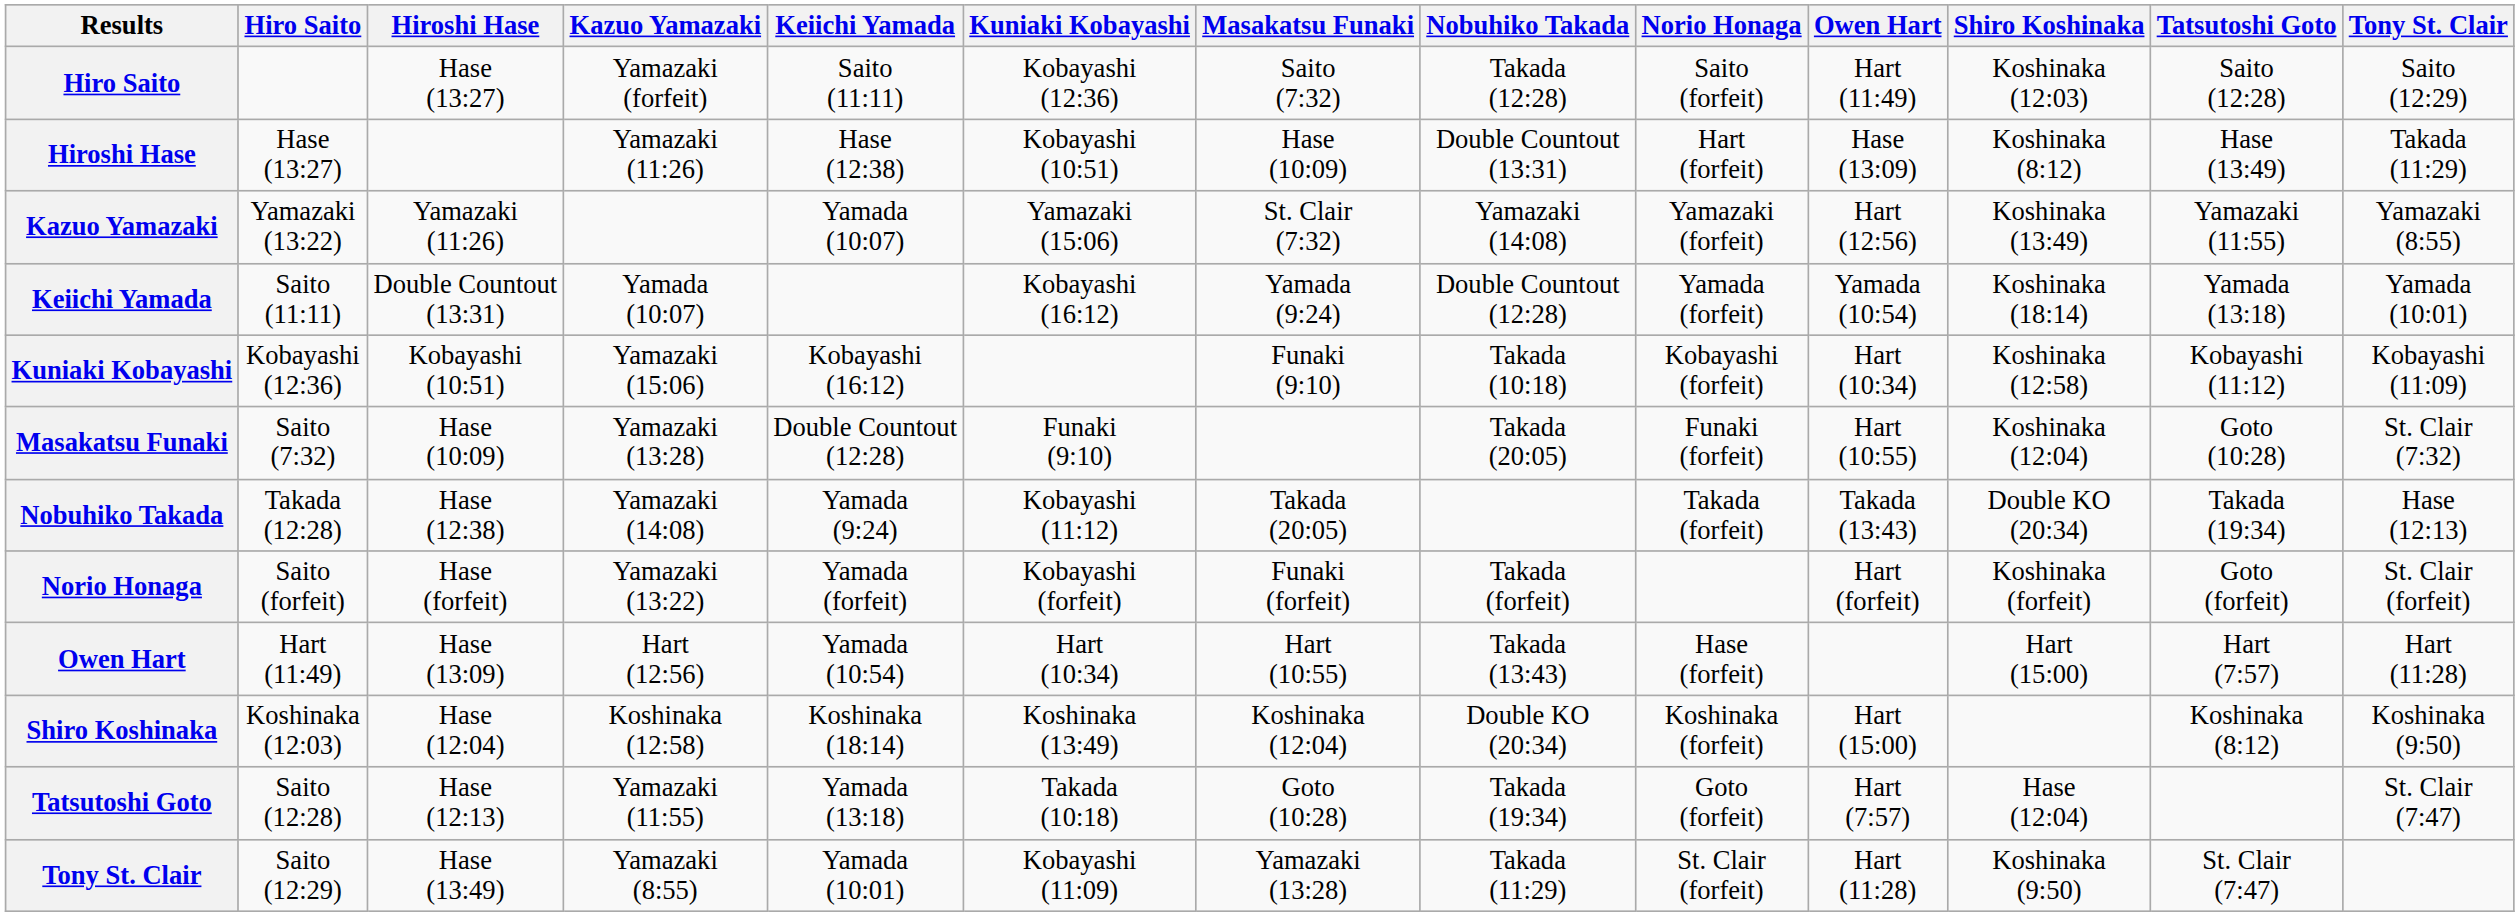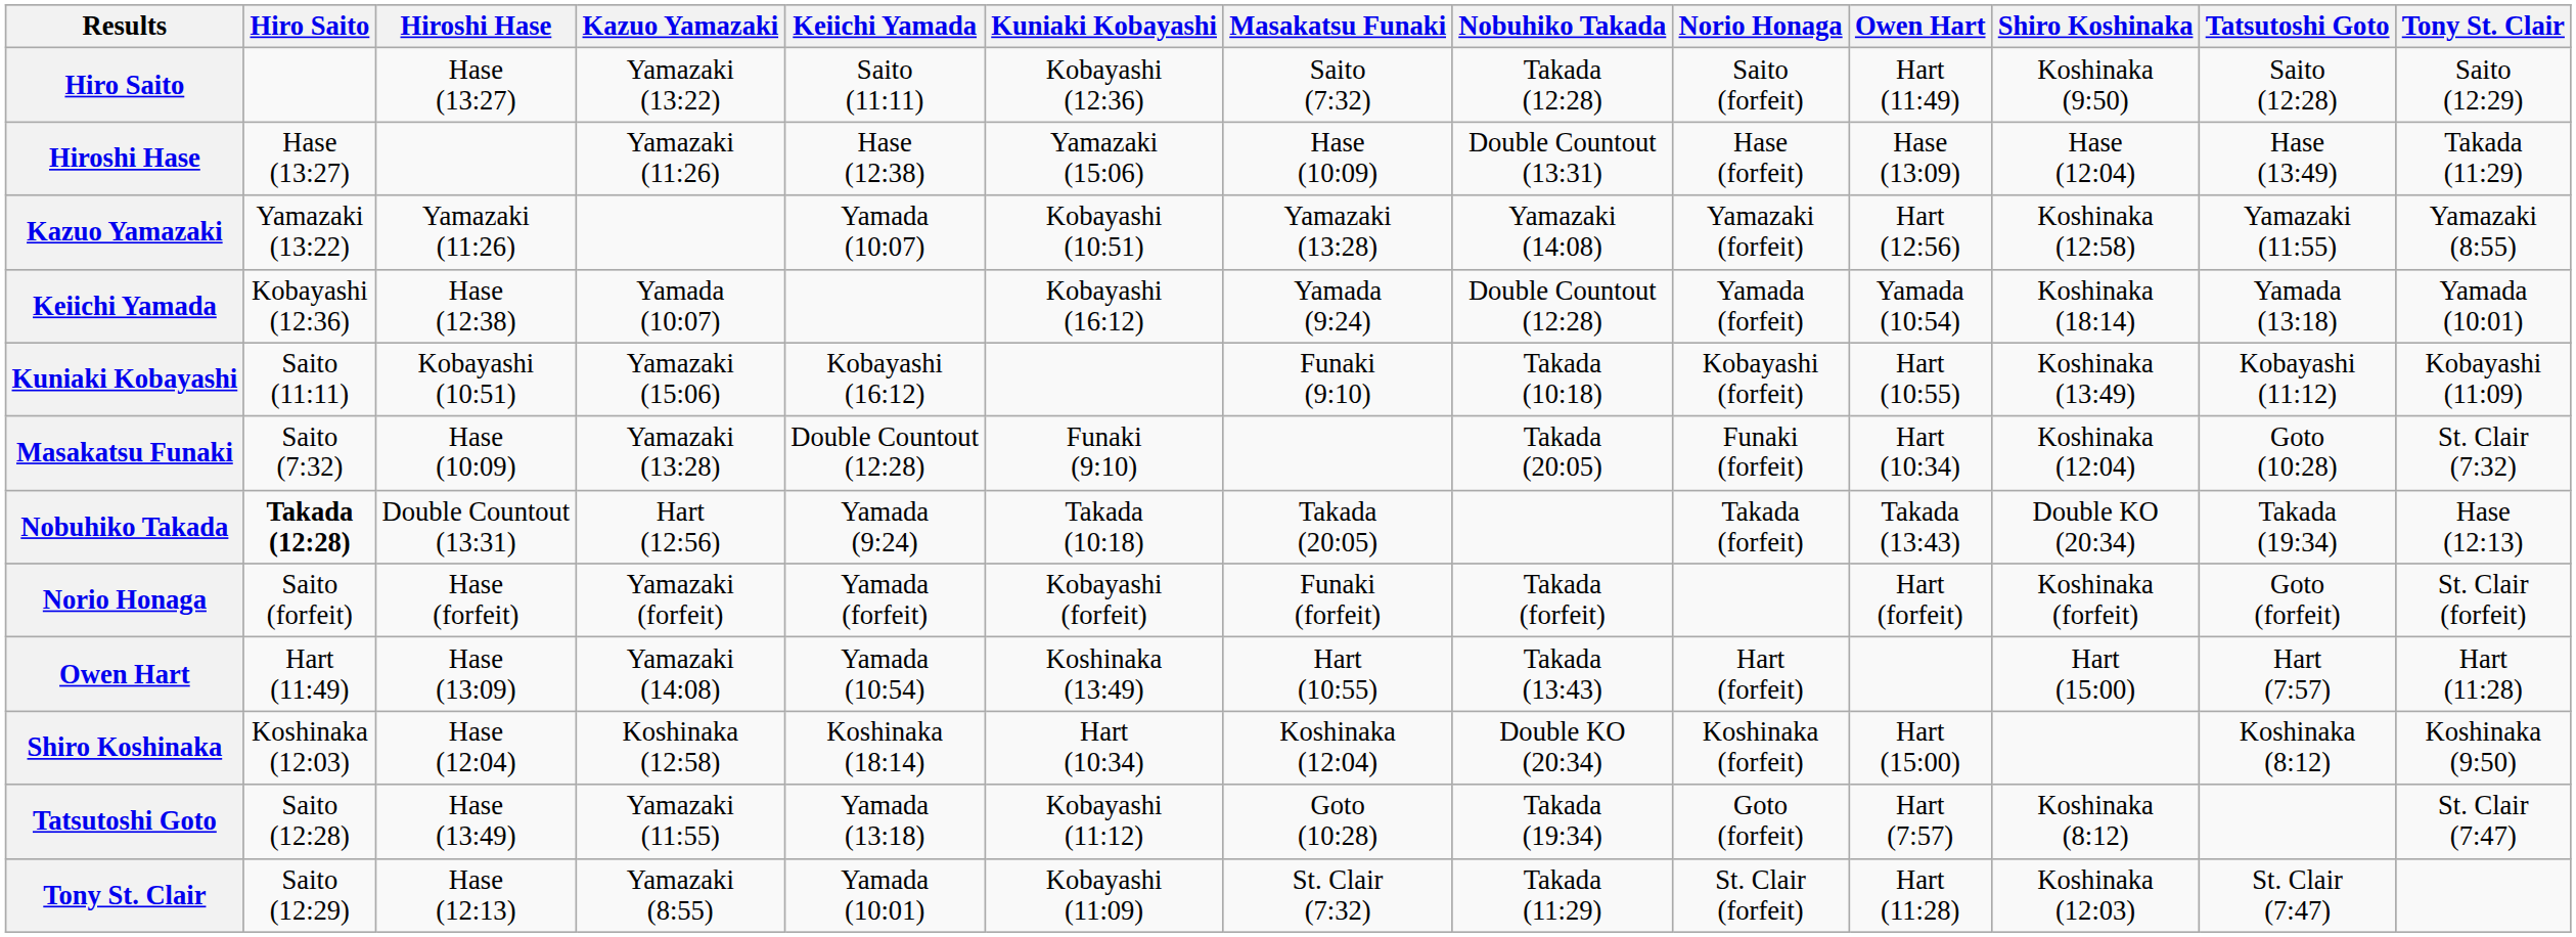 <table class="wikitable" style="text-align:center; margin: 1em auto 1em auto">
 <tr align="center">
 <th>Results</th>
 <th><a href='#'>Hiro Saito</a></th>
 <th><a href='#'>Hiroshi Hase</a></th>
 <th><a href='#'>Kazuo Yamazaki</a></th>
 <th><a href='#'>Keiichi Yamada</a></th>
 <th><a href='#'>Kuniaki Kobayashi</a></th>
 <th><a href='#'>Masakatsu Funaki</a></th>
 <th><a href='#'>Nobuhiko Takada</a></th>
 <th><a href='#'>Norio Honaga</a></th>
 <th><a href='#'>Owen Hart</a></th>
 <th><a href='#'>Shiro Koshinaka</a></th>
 <th><a href='#'>Tatsutoshi Goto</a></th>
 <th><a href='#'>Tony St. Clair</a></th>
 </tr>
 <tr>
 <th><a href='#'>Hiro Saito</a></th>
 <td></td>
 <td>Hase<br>(13:27)</td>
-<td>Yamazaki<br>(forfeit)</td>
+<td>Yamazaki<br>(13:22)</td>
 <td>Saito<br>(11:11)</td>
 <td>Kobayashi<br>(12:36)</td>
 <td>Saito<br>(7:32)</td>
 <td>Takada<br>(12:28)</td>
 <td>Saito<br>(forfeit)</td>
 <td>Hart<br>(11:49)</td>
-<td>Koshinaka<br>(12:03)</td>
+<td>Koshinaka<br>(9:50)</td>
 <td>Saito<br>(12:28)</td>
 <td>Saito<br>(12:29)</td>
 </tr>
 <tr>
 <th><a href='#'>Hiroshi Hase</a></th>
 <td>Hase<br>(13:27)</td>
 <td></td>
 <td>Yamazaki<br>(11:26)</td>
 <td>Hase<br>(12:38)</td>
-<td>Kobayashi<br>(10:51)</td>
+<td>Yamazaki<br>(15:06)</td>
 <td>Hase<br>(10:09)</td>
 <td>Double Countout<br>(13:31)</td>
-<td>Hart<br>(forfeit)</td>
+<td>Hase<br>(forfeit)</td>
 <td>Hase<br>(13:09)</td>
-<td>Koshinaka<br>(8:12)</td>
+<td>Hase<br>(12:04)</td>
 <td>Hase<br>(13:49)</td>
 <td>Takada<br>(11:29)</td>
 </tr>
 <tr>
 <th><a href='#'>Kazuo Yamazaki</a></th>
 <td>Yamazaki<br>(13:22)</td>
 <td>Yamazaki<br>(11:26)</td>
 <td></td>
 <td>Yamada<br>(10:07)</td>
-<td>Yamazaki<br>(15:06)</td>
-<td>St. Clair<br>(7:32)</td>
+<td>Kobayashi<br>(10:51)</td>
+<td>Yamazaki<br>(13:28)</td>
 <td>Yamazaki<br>(14:08)</td>
 <td>Yamazaki<br>(forfeit)</td>
 <td>Hart<br>(12:56)</td>
-<td>Koshinaka<br>(13:49)</td>
+<td>Koshinaka<br>(12:58)</td>
 <td>Yamazaki<br>(11:55)</td>
 <td>Yamazaki<br>(8:55)</td>
 </tr>
 <tr>
 <th><a href='#'>Keiichi Yamada</a></th>
-<td>Saito<br>(11:11)</td>
-<td>Double Countout<br>(13:31)</td>
+<td>Kobayashi<br>(12:36)</td>
+<td>Hase<br>(12:38)</td>
 <td>Yamada<br>(10:07)</td>
 <td></td>
 <td>Kobayashi<br>(16:12)</td>
 <td>Yamada<br>(9:24)</td>
 <td>Double Countout<br>(12:28)</td>
 <td>Yamada<br>(forfeit)</td>
 <td>Yamada<br>(10:54)</td>
 <td>Koshinaka<br>(18:14)</td>
 <td>Yamada<br>(13:18)</td>
 <td>Yamada<br>(10:01)</td>
 </tr>
 <tr>
 <th><a href='#'>Kuniaki Kobayashi</a></th>
-<td>Kobayashi<br>(12:36)</td>
+<td>Saito<br>(11:11)</td>
 <td>Kobayashi<br>(10:51)</td>
 <td>Yamazaki<br>(15:06)</td>
 <td>Kobayashi<br>(16:12)</td>
 <td></td>
 <td>Funaki<br>(9:10)</td>
 <td>Takada<br>(10:18)</td>
 <td>Kobayashi<br>(forfeit)</td>
-<td>Hart<br>(10:34)</td>
-<td>Koshinaka<br>(12:58)</td>
+<td>Hart<br>(10:55)</td>
+<td>Koshinaka<br>(13:49)</td>
 <td>Kobayashi<br>(11:12)</td>
 <td>Kobayashi<br>(11:09)</td>
 </tr>
 <tr>
 <th><a href='#'>Masakatsu Funaki</a></th>
 <td>Saito<br>(7:32)</td>
 <td>Hase<br>(10:09)</td>
 <td>Yamazaki<br>(13:28)</td>
 <td>Double Countout<br>(12:28)</td>
 <td>Funaki<br>(9:10)</td>
 <td></td>
 <td>Takada<br>(20:05)</td>
 <td>Funaki<br>(forfeit)</td>
-<td>Hart<br>(10:55)</td>
+<td>Hart<br>(10:34)</td>
 <td>Koshinaka<br>(12:04)</td>
 <td>Goto<br>(10:28)</td>
 <td>St. Clair<br>(7:32)</td>
 </tr>
 <tr>
 <th><a href='#'>Nobuhiko Takada</a></th>
-<td>Takada<br>(12:28)</td>
-<td>Hase<br>(12:38)</td>
-<td>Yamazaki<br>(14:08)</td>
+<td><strong>Takada<br>(12:28)</strong></td>
+<td>Double Countout<br>(13:31)</td>
+<td>Hart<br>(12:56)</td>
 <td>Yamada<br>(9:24)</td>
-<td>Kobayashi<br>(11:12)</td>
+<td>Takada<br>(10:18)</td>
 <td>Takada<br>(20:05)</td>
 <td></td>
 <td>Takada<br>(forfeit)</td>
 <td>Takada<br>(13:43)</td>
 <td>Double KO<br>(20:34)</td>
 <td>Takada<br>(19:34)</td>
 <td>Hase<br>(12:13)</td>
 </tr>
 <tr>
 <th><a href='#'>Norio Honaga</a></th>
 <td>Saito<br>(forfeit)</td>
 <td>Hase<br>(forfeit)</td>
-<td>Yamazaki<br>(13:22)</td>
+<td>Yamazaki<br>(forfeit)</td>
 <td>Yamada<br>(forfeit)</td>
 <td>Kobayashi<br>(forfeit)</td>
 <td>Funaki<br>(forfeit)</td>
 <td>Takada<br>(forfeit)</td>
 <td></td>
 <td>Hart<br>(forfeit)</td>
 <td>Koshinaka<br>(forfeit)</td>
 <td>Goto<br>(forfeit)</td>
 <td>St. Clair<br>(forfeit)</td>
 </tr>
 <tr>
 <th><a href='#'>Owen Hart</a></th>
 <td>Hart<br>(11:49)</td>
 <td>Hase<br>(13:09)</td>
-<td>Hart<br>(12:56)</td>
+<td>Yamazaki<br>(14:08)</td>
 <td>Yamada<br>(10:54)</td>
-<td>Hart<br>(10:34)</td>
+<td>Koshinaka<br>(13:49)</td>
 <td>Hart<br>(10:55)</td>
 <td>Takada<br>(13:43)</td>
-<td>Hase<br>(forfeit)</td>
+<td>Hart<br>(forfeit)</td>
 <td></td>
 <td>Hart<br>(15:00)</td>
 <td>Hart<br>(7:57)</td>
 <td>Hart<br>(11:28)</td>
 </tr>
 <tr>
 <th><a href='#'>Shiro Koshinaka</a></th>
 <td>Koshinaka<br>(12:03)</td>
 <td>Hase<br>(12:04)</td>
 <td>Koshinaka<br>(12:58)</td>
 <td>Koshinaka<br>(18:14)</td>
-<td>Koshinaka<br>(13:49)</td>
+<td>Hart<br>(10:34)</td>
 <td>Koshinaka<br>(12:04)</td>
 <td>Double KO<br>(20:34)</td>
 <td>Koshinaka<br>(forfeit)</td>
 <td>Hart<br>(15:00)</td>
 <td></td>
 <td>Koshinaka<br>(8:12)</td>
 <td>Koshinaka<br>(9:50)</td>
 </tr>
 <tr>
 <th><a href='#'>Tatsutoshi Goto</a></th>
 <td>Saito<br>(12:28)</td>
-<td>Hase<br>(12:13)</td>
+<td>Hase<br>(13:49)</td>
 <td>Yamazaki<br>(11:55)</td>
 <td>Yamada<br>(13:18)</td>
-<td>Takada<br>(10:18)</td>
+<td>Kobayashi<br>(11:12)</td>
 <td>Goto<br>(10:28)</td>
 <td>Takada<br>(19:34)</td>
 <td>Goto<br>(forfeit)</td>
 <td>Hart<br>(7:57)</td>
-<td>Hase<br>(12:04)</td>
+<td>Koshinaka<br>(8:12)</td>
 <td></td>
 <td>St. Clair<br>(7:47)</td>
 </tr>
 <tr>
 <th><a href='#'>Tony St. Clair</a></th>
 <td>Saito<br>(12:29)</td>
-<td>Hase<br>(13:49)</td>
+<td>Hase<br>(12:13)</td>
 <td>Yamazaki<br>(8:55)</td>
 <td>Yamada<br>(10:01)</td>
 <td>Kobayashi<br>(11:09)</td>
-<td>Yamazaki<br>(13:28)</td>
+<td>St. Clair<br>(7:32)</td>
 <td>Takada<br>(11:29)</td>
 <td>St. Clair<br>(forfeit)</td>
 <td>Hart<br>(11:28)</td>
-<td>Koshinaka<br>(9:50)</td>
+<td>Koshinaka<br>(12:03)</td>
 <td>St. Clair<br>(7:47)</td>
 <td></td>
 </tr>
 </table>
